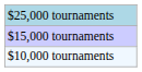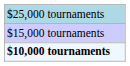 <table class="wikitable" style="font-size:90%; width:12%;">
 <tr style="background:lightblue;">
 <td>$25,000 tournaments</td>
 </tr>
 <tr style="background:#ccccff;">
 <td>$15,000 tournaments</td>
 </tr>
 <tr style="background:#f0f8ff;">
-<td>$10,000 tournaments</td>
+<td><strong>$10,000 tournaments</strong></td>
 </tr>
 </table>
